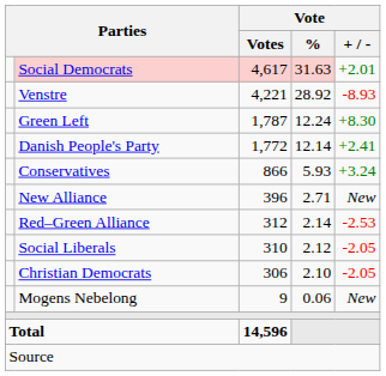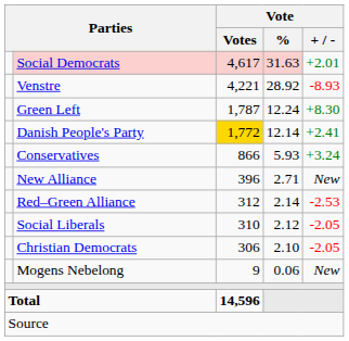 <table class="wikitable" style="text-align:right;">
 <tr>
 <th style="text-align:centre;" rowspan="2" colspan="2" width="225">Parties</th>
 <th colspan="3">Vote</th>
 </tr>
 <tr>
 <th width="15">Votes</th>
 <th width="15">%</th>
 <th width="15">+ / -</th>
 </tr>
 <tr>
 <td width="2" style="color:inherit;background:"></td>
 <td bgcolor=#fbd0ce  align="left"><a href='#'>Social Democrats</a></td>
 <td bgcolor=#fbd0ce>4,617</td>
 <td bgcolor=#fbd0ce>31.63</td>
 <td style=color:green;>+2.01</td>
 </tr>
 <tr>
 <td width="2" style="color:inherit;background:"></td>
 <td align="left"><a href='#'>Venstre</a></td>
 <td>4,221</td>
 <td>28.92</td>
 <td style=color:red;>-8.93</td>
 </tr>
 <tr>
 <td width="2" style="color:inherit;background:"></td>
 <td align="left"><a href='#'>Green Left</a></td>
 <td>1,787</td>
 <td>12.24</td>
 <td style=color:green;>+8.30</td>
 </tr>
 <tr>
 <td width="2" style="color:inherit;background:"></td>
 <td align="left"><a href='#'>Danish People's Party</a></td>
-<td>1,772</td>
+<td style="background: gold;">1,772</td>
 <td>12.14</td>
 <td style=color:green;>+2.41</td>
 </tr>
 <tr>
 <td width="2" style="color:inherit;background:"></td>
 <td align="left"><a href='#'>Conservatives</a></td>
 <td>866</td>
 <td>5.93</td>
 <td style=color:green;>+3.24</td>
 </tr>
 <tr>
 <td width="2" style="color:inherit;background:"></td>
 <td align="left"><a href='#'>New Alliance</a></td>
 <td>396</td>
 <td>2.71</td>
 <td><em>New</em></td>
 </tr>
 <tr>
 <td width="2" style="color:inherit;background:"></td>
 <td align="left"><a href='#'>Red–Green Alliance</a></td>
 <td>312</td>
 <td>2.14</td>
 <td style=color:red;>-2.53</td>
 </tr>
 <tr>
 <td width="2" style="color:inherit;background:"></td>
 <td align="left"><a href='#'>Social Liberals</a></td>
 <td>310</td>
 <td>2.12</td>
 <td style=color:red;>-2.05</td>
 </tr>
 <tr>
 <td width="2" style="color:inherit;background:"></td>
 <td align="left"><a href='#'>Christian Democrats</a></td>
 <td>306</td>
 <td>2.10</td>
 <td style=color:red;>-2.05</td>
 </tr>
 <tr>
 <td width="2" style="color:inherit;background:"></td>
 <td align="left">Mogens Nebelong</td>
 <td>9</td>
 <td>0.06</td>
 <td><em>New</em></td>
 </tr>
 <tr>
 <td colspan="7" bgcolor="#E9E9E9"></td>
 </tr>
 <tr>
 <td align="left" colspan="2"><strong>Total</strong></td>
 <td><strong>14,596</strong></td>
 <td bgcolor="#E9E9E9" colspan="2"></td>
 </tr>
 <tr>
 <td align="left" colspan="6">Source</td>
 </tr>
 </table>
